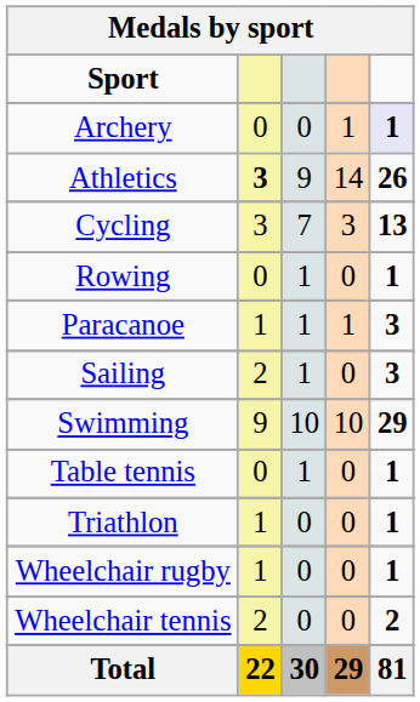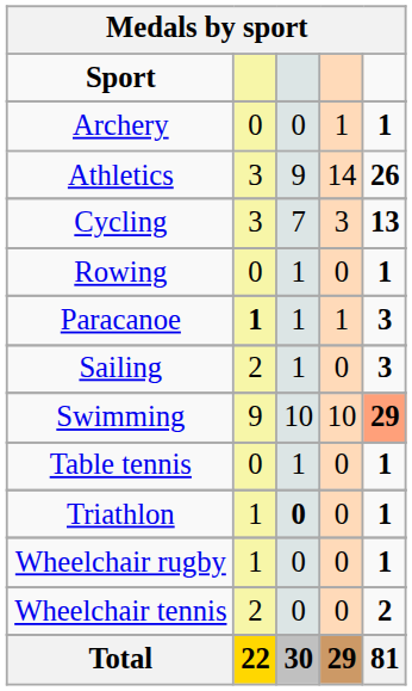 <table class="wikitable" style="font-size:85%; float:right">
 <tr style="background:#efefef;">
 <th colspan=7>Medals by sport</th>
 </tr>
 <tr align=center>
 <td><strong>Sport</strong></td>
 <td bgcolor=#f7f6a8></td>
 <td bgcolor=#dce5e5></td>
 <td bgcolor=#ffdab9></td>
 <td></td>
 </tr>
 <tr>
 </tr>
 <tr align=center>
 <td><a href='#'>Archery</a></td>
 <td style="background:#F7F6A8;">0</td>
 <td style="background:#DCE5E5;">0</td>
 <td style="background:#FFDAB9;">1</td>
-<td style="background: lavender;"><strong>1</strong></td>
+<td><strong>1</strong></td>
 </tr>
 <tr align=center>
 <td><a href='#'>Athletics</a></td>
-<td style="background:#F7F6A8;"><strong>3</strong></td>
+<td style="background:#F7F6A8;">3</td>
 <td style="background:#DCE5E5;">9</td>
 <td style="background:#FFDAB9;">14</td>
 <td><strong>26</strong></td>
 </tr>
 <tr>
 </tr>
 <tr align=center>
 <td><a href='#'>Cycling</a></td>
 <td style="background:#F7F6A8;">3</td>
 <td style="background:#DCE5E5;">7</td>
 <td style="background:#FFDAB9;">3</td>
 <td><strong>13</strong></td>
 </tr>
 <tr>
 </tr>
 <tr align=center>
 <td><a href='#'>Rowing</a></td>
 <td style="background:#F7F6A8;">0</td>
 <td style="background:#DCE5E5;">1</td>
 <td style="background:#FFDAB9;">0</td>
 <td><strong>1</strong></td>
 </tr>
 <tr>
 </tr>
 <tr align=center>
 <td><a href='#'>Paracanoe</a></td>
-<td style="background:#F7F6A8;">1</td>
+<td style="background:#F7F6A8;"><strong>1</strong></td>
 <td style="background:#DCE5E5;">1</td>
 <td style="background:#FFDAB9;">1</td>
 <td><strong>3</strong></td>
 </tr>
 <tr>
 </tr>
 <tr align=center>
 <td><a href='#'>Sailing</a></td>
 <td style="background:#F7F6A8;">2</td>
 <td style="background:#DCE5E5;">1</td>
 <td style="background:#FFDAB9;">0</td>
 <td><strong>3</strong></td>
 </tr>
 <tr>
 </tr>
 <tr align=center>
 <td><a href='#'>Swimming</a></td>
 <td style="background:#F7F6A8;">9</td>
 <td style="background:#DCE5E5;">10</td>
 <td style="background:#FFDAB9;">10</td>
-<td><strong>29</strong></td>
+<td style="background: lightsalmon;"><strong>29</strong></td>
 </tr>
 <tr>
 </tr>
 <tr align=center>
 <td><a href='#'>Table tennis</a></td>
 <td style="background:#F7F6A8;">0</td>
 <td style="background:#DCE5E5;">1</td>
 <td style="background:#FFDAB9;">0</td>
 <td><strong>1</strong></td>
 </tr>
 <tr>
 </tr>
 <tr align=center>
 <td><a href='#'>Triathlon</a></td>
 <td style="background:#F7F6A8;">1</td>
-<td style="background:#DCE5E5;">0</td>
+<td style="background:#DCE5E5;"><strong>0</strong></td>
 <td style="background:#FFDAB9;">0</td>
 <td><strong>1</strong></td>
 </tr>
 <tr>
 </tr>
 <tr align=center>
 <td><a href='#'>Wheelchair rugby</a></td>
 <td style="background:#F7F6A8;">1</td>
 <td style="background:#DCE5E5;">0</td>
 <td style="background:#FFDAB9;">0</td>
 <td><strong>1</strong></td>
 </tr>
 <tr>
 </tr>
 <tr align=center>
 <td><a href='#'>Wheelchair tennis</a></td>
 <td style="background:#F7F6A8;">2</td>
 <td style="background:#DCE5E5;">0</td>
 <td style="background:#FFDAB9;">0</td>
 <td><strong>2</strong></td>
 </tr>
 <tr>
 </tr>
 <tr align=center>
 <th>Total</th>
 <th style="background:gold;">22</th>
 <th style="background:silver;">30</th>
 <th style="background:#c96;">29</th>
 <th>81</th>
 </tr>
 </table>
